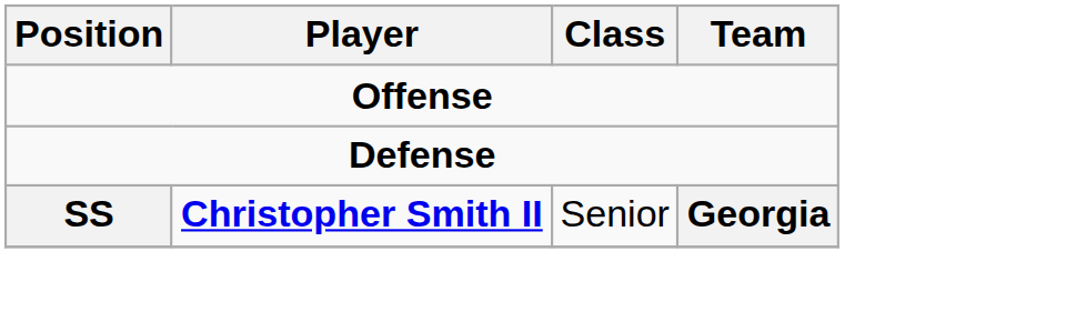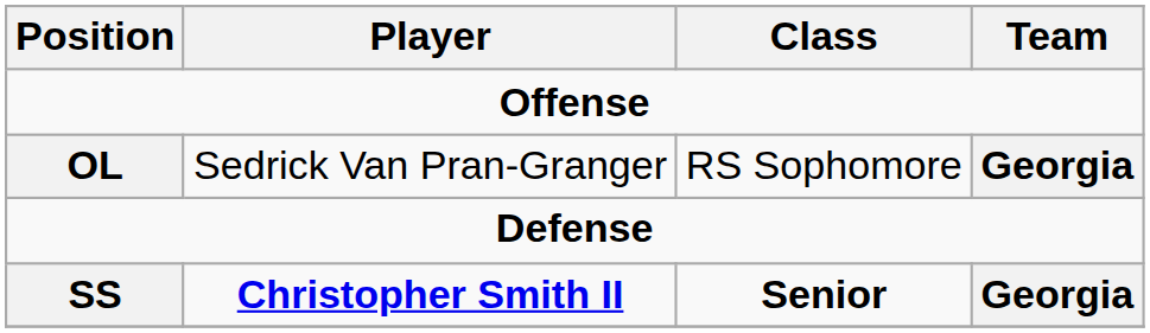 <table class="wikitable">
 <tr>
 <th>Position</th>
 <th>Player</th>
 <th>Class</th>
 <th>Team</th>
 </tr>
 <tr>
 <td colspan="4" style="text-align:center; "><strong>Offense</strong></td>
 </tr>
+<tr style="text-align:center;">
+<th rowspan="1">OL</th>
+<td>Sedrick Van Pran-Granger</td>
+<td>RS Sophomore</td>
+<th style=>Georgia</th>
+</tr>
 <tr>
 <td colspan="4" style="text-align:center; "><strong>Defense</strong></td>
 </tr>
 <tr style="text-align:center;">
 <th rowspan="1">SS</th>
 <td><strong><a href='#'>Christopher Smith II</a></strong></td>
-<td>Senior</td>
+<td><strong>Senior</strong></td>
 <th style=>Georgia</th>
 </tr>
 <tr>
 </tr>
 </table>
